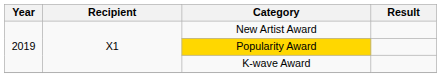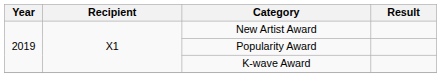 <table class="wikitable" style="text-align:center">
 <tr>
 <th width="50">Year</th>
 <th width="200">Recipient</th>
 <th width="275">Category</th>
 <th width="90">Result</th>
 </tr>
 <tr>
 <td rowspan=3>2019</td>
 <td rowspan=3>X1</td>
 <td>New Artist Award</td>
 <td></td>
 </tr>
 <tr>
-<td style="background: gold;">Popularity Award</td>
+<td>Popularity Award</td>
 <td></td>
 </tr>
 <tr>
 <td>K-wave Award</td>
 <td></td>
 </tr>
 <tr>
 </tr>
 </table>
